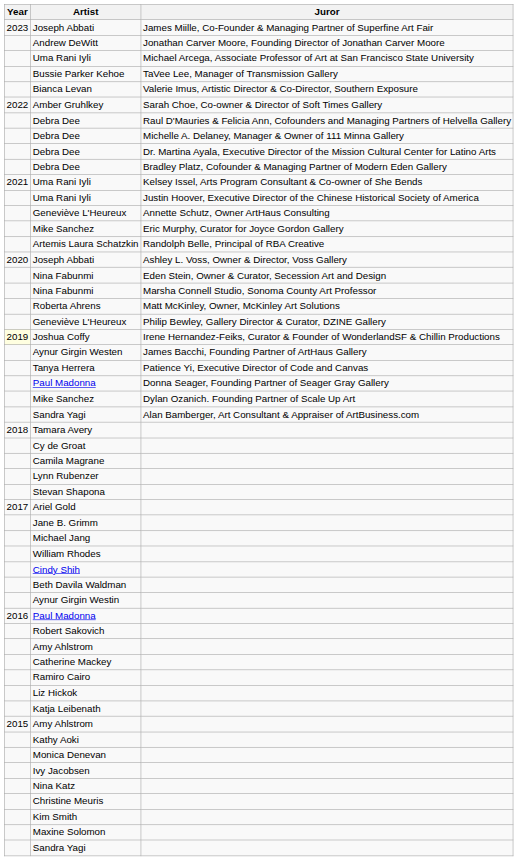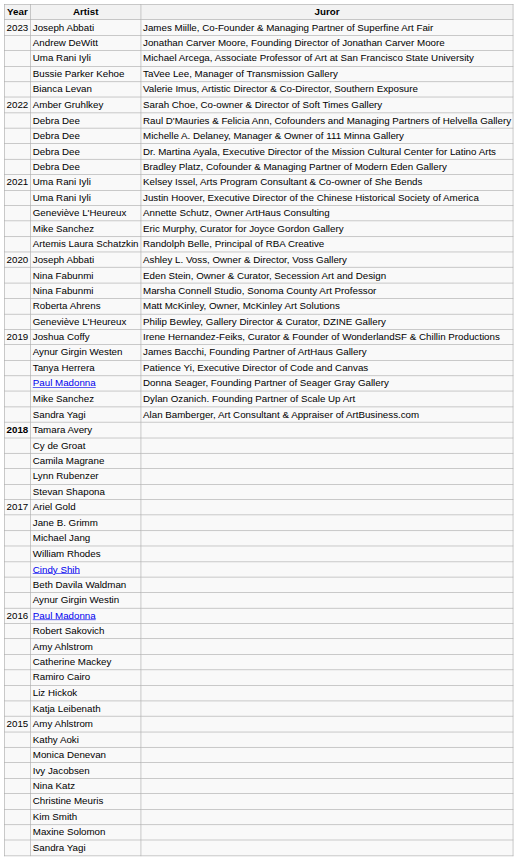 <table class="wikitable">
 <tr>
 <th>Year</th>
 <th>Artist</th>
 <th>Juror</th>
 </tr>
 <tr>
 <td>2023</td>
 <td>Joseph Abbati</td>
 <td>James Miille, Co-Founder & Managing Partner of Superfine Art Fair</td>
 </tr>
 <tr>
 <td></td>
 <td>Andrew DeWitt</td>
 <td>Jonathan Carver Moore, Founding Director of Jonathan Carver Moore</td>
 </tr>
 <tr>
 <td></td>
 <td>Uma Rani Iyli</td>
 <td>Michael Arcega, Associate Professor of Art at San Francisco State University</td>
 </tr>
 <tr>
 <td></td>
 <td>Bussie Parker Kehoe</td>
 <td>TaVee Lee, Manager of Transmission Gallery</td>
 </tr>
 <tr>
 <td></td>
 <td>Bianca Levan</td>
 <td>Valerie Imus, Artistic Director & Co-Director, Southern Exposure</td>
 </tr>
 <tr>
 <td>2022</td>
 <td>Amber Gruhlkey</td>
 <td>Sarah Choe, Co-owner & Director of Soft Times Gallery</td>
 </tr>
 <tr>
 <td></td>
 <td>Debra Dee</td>
 <td>Raul D'Mauries & Felicia Ann, Cofounders and Managing Partners of Helvella Gallery</td>
 </tr>
 <tr>
 <td></td>
 <td>Debra Dee</td>
 <td>Michelle A. Delaney, Manager & Owner of 111 Minna Gallery</td>
 </tr>
 <tr>
 <td></td>
 <td>Debra Dee</td>
 <td>Dr. Martina Ayala, Executive Director of the Mission Cultural Center for Latino Arts</td>
 </tr>
 <tr>
 <td></td>
 <td>Debra Dee</td>
 <td>Bradley Platz, Cofounder & Managing Partner of Modern Eden Gallery</td>
 </tr>
 <tr>
 <td>2021</td>
 <td>Uma Rani Iyli</td>
 <td>Kelsey Issel, Arts Program Consultant & Co-owner of She Bends</td>
 </tr>
 <tr>
 <td></td>
 <td>Uma Rani Iyli</td>
 <td>Justin Hoover, Executive Director of the Chinese Historical Society of America</td>
 </tr>
 <tr>
 <td></td>
 <td>Geneviève L'Heureux</td>
 <td>Annette Schutz, Owner ArtHaus Consulting</td>
 </tr>
 <tr>
 <td></td>
 <td>Mike Sanchez</td>
 <td>Eric Murphy, Curator for Joyce Gordon Gallery</td>
 </tr>
 <tr>
 <td></td>
 <td>Artemis Laura Schatzkin</td>
 <td>Randolph Belle, Principal of RBA Creative</td>
 </tr>
 <tr>
 <td>2020</td>
 <td>Joseph Abbati</td>
 <td>Ashley L. Voss, Owner & Director, Voss Gallery</td>
 </tr>
 <tr>
 <td></td>
 <td>Nina Fabunmi</td>
 <td>Eden Stein, Owner & Curator, Secession Art and Design</td>
 </tr>
 <tr>
 <td></td>
 <td>Nina Fabunmi</td>
 <td>Marsha Connell Studio, Sonoma County Art Professor⁠</td>
 </tr>
 <tr>
 <td></td>
 <td>Roberta Ahrens</td>
 <td>Matt McKinley, Owner, McKinley Art Solutions⁠</td>
 </tr>
 <tr>
 <td></td>
 <td>Geneviève L'Heureux</td>
 <td>Philip Bewley, Gallery Director & Curator, DZINE Gallery</td>
 </tr>
 <tr>
-<td style="background: lightyellow;">2019</td>
+<td>2019</td>
 <td>Joshua Coffy</td>
 <td>Irene Hernandez-Feiks, Curator & Founder of WonderlandSF & Chillin Productions</td>
 </tr>
 <tr>
 <td></td>
 <td>Aynur Girgin Westen</td>
 <td>James Bacchi, Founding Partner of ArtHaus Gallery</td>
 </tr>
 <tr>
 <td></td>
 <td>Tanya Herrera</td>
 <td>Patience Yi, Executive Director of Code and Canvas</td>
 </tr>
 <tr>
 <td></td>
 <td><a href='#'>Paul Madonna</a></td>
 <td>Donna Seager, Founding Partner of Seager Gray Gallery</td>
 </tr>
 <tr>
 <td></td>
 <td>Mike Sanchez</td>
 <td>Dylan Ozanich. Founding Partner of Scale Up Art</td>
 </tr>
 <tr>
 <td></td>
 <td>Sandra Yagi</td>
 <td>Alan Bamberger, Art Consultant & Appraiser of ArtBusiness.com</td>
 </tr>
 <tr>
-<td>2018</td>
+<td><strong>2018</strong></td>
 <td>Tamara Avery</td>
 <td></td>
 </tr>
 <tr>
 <td></td>
 <td>Cy de Groat</td>
 <td></td>
 </tr>
 <tr>
 <td></td>
 <td>Camila Magrane</td>
 <td></td>
 </tr>
 <tr>
 <td></td>
 <td>Lynn Rubenzer</td>
 <td></td>
 </tr>
 <tr>
 <td></td>
 <td>Stevan Shapona</td>
 <td></td>
 </tr>
 <tr>
 <td>2017</td>
 <td>Ariel Gold</td>
 <td></td>
 </tr>
 <tr>
 <td></td>
 <td>Jane B. Grimm</td>
 <td></td>
 </tr>
 <tr>
 <td></td>
 <td>Michael Jang</td>
 <td></td>
 </tr>
 <tr>
 <td></td>
 <td>William Rhodes</td>
 <td></td>
 </tr>
 <tr>
 <td></td>
 <td><a href='#'>Cindy Shih</a></td>
 <td></td>
 </tr>
 <tr>
 <td></td>
 <td>Beth Davila Waldman</td>
 <td></td>
 </tr>
 <tr>
 <td></td>
 <td>Aynur Girgin Westin</td>
 <td></td>
 </tr>
 <tr>
 <td>2016</td>
 <td><a href='#'>Paul Madonna</a></td>
 <td></td>
 </tr>
 <tr>
 <td></td>
 <td>Robert Sakovich</td>
 <td></td>
 </tr>
 <tr>
 <td></td>
 <td>Amy Ahlstrom</td>
 <td></td>
 </tr>
 <tr>
 <td></td>
 <td>Catherine Mackey</td>
 <td></td>
 </tr>
 <tr>
 <td></td>
 <td>Ramiro Cairo</td>
 <td></td>
 </tr>
 <tr>
 <td></td>
 <td>Liz Hickok</td>
 <td></td>
 </tr>
 <tr>
 <td></td>
 <td>Katja Leibenath</td>
 <td></td>
 </tr>
 <tr>
 <td>2015</td>
 <td>Amy Ahlstrom</td>
 <td></td>
 </tr>
 <tr>
 <td></td>
 <td>Kathy Aoki</td>
 <td></td>
 </tr>
 <tr>
 <td></td>
 <td>Monica Denevan</td>
 <td></td>
 </tr>
 <tr>
 <td></td>
 <td>Ivy Jacobsen</td>
 <td></td>
 </tr>
 <tr>
 <td></td>
 <td>Nina Katz</td>
 <td></td>
 </tr>
 <tr>
 <td></td>
 <td>Christine Meuris</td>
 <td></td>
 </tr>
 <tr>
 <td></td>
 <td>Kim Smith</td>
 <td></td>
 </tr>
 <tr>
 <td></td>
 <td>Maxine Solomon</td>
 <td></td>
 </tr>
 <tr>
 <td></td>
 <td>Sandra Yagi</td>
 <td></td>
 </tr>
 </table>
